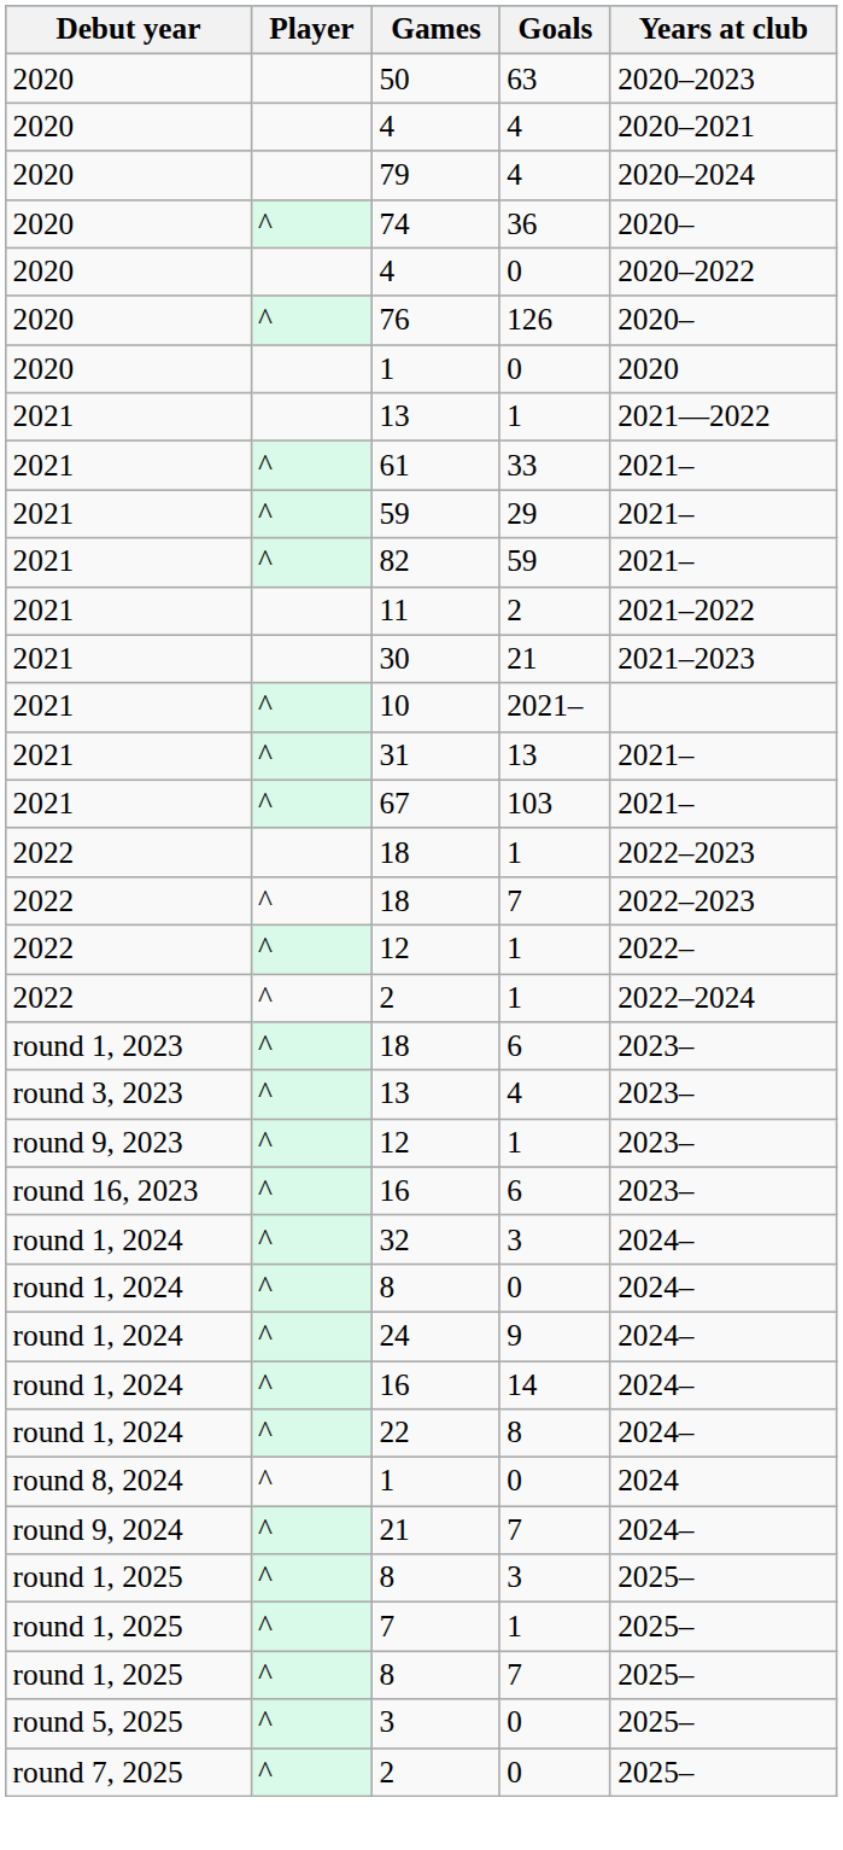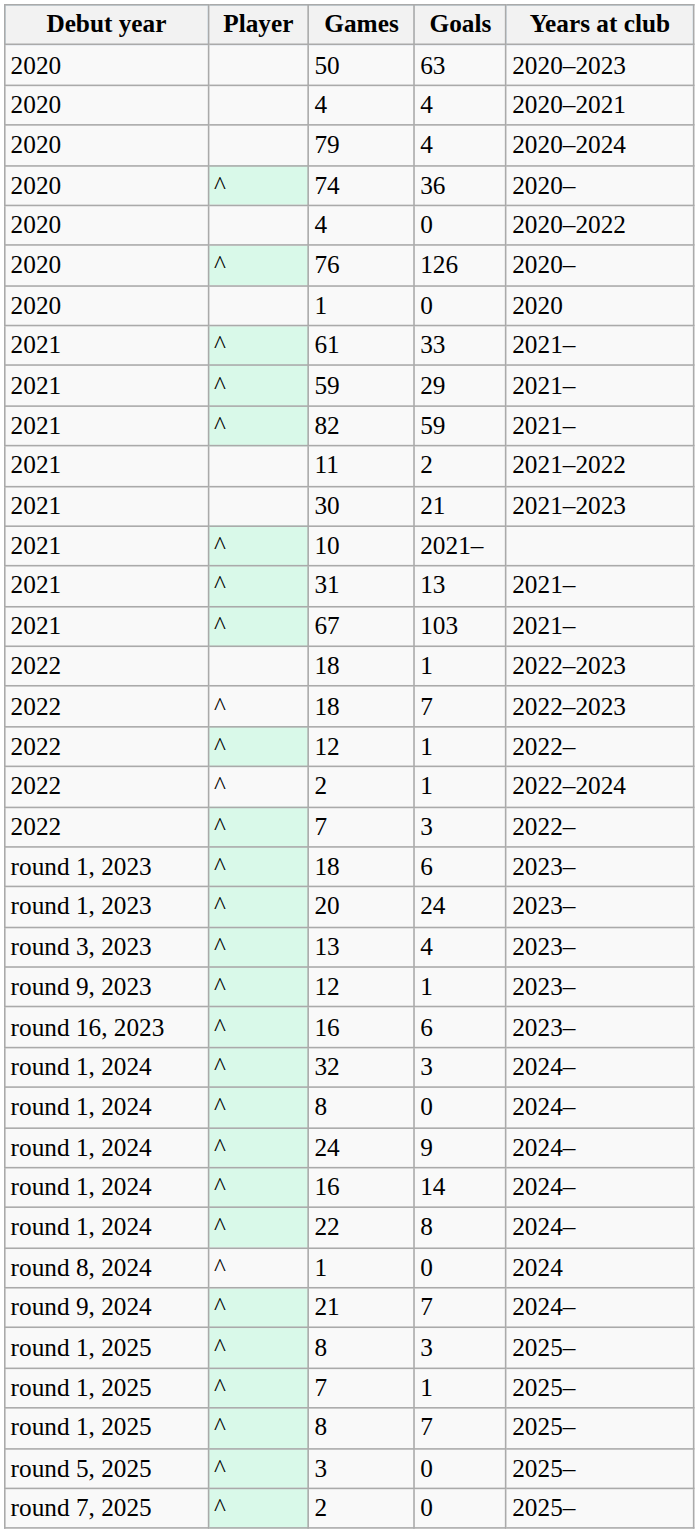 <table class="wikitable sortable" style="width:70%; text-align=center">
 <tr style="background:#87cefa;">
 <th>Debut year</th>
 <th>Player</th>
 <th>Games</th>
 <th>Goals</th>
 <th>Years at club</th>
 </tr>
 <tr>
 <td>2020</td>
 <td></td>
 <td>50</td>
 <td>63</td>
 <td>2020–2023</td>
 </tr>
 <tr>
 <td>2020</td>
 <td></td>
 <td>4</td>
 <td>4</td>
 <td>2020–2021</td>
 </tr>
 <tr>
 <td>2020</td>
 <td></td>
 <td>79</td>
 <td>4</td>
 <td>2020–2024</td>
 </tr>
 <tr>
 <td>2020</td>
 <td style="text-align:left;background:#d9f9e9">^</td>
 <td>74</td>
 <td>36</td>
 <td align=left>2020–</td>
 </tr>
 <tr>
 <td>2020</td>
 <td></td>
 <td>4</td>
 <td>0</td>
 <td>2020–2022</td>
 </tr>
 <tr>
 <td>2020</td>
 <td style="text-align:left;background:#d9f9e9">^</td>
 <td>76</td>
 <td>126</td>
 <td align=left>2020–</td>
 </tr>
 <tr>
 <td>2020</td>
 <td style="text-align:left"></td>
 <td>1</td>
 <td>0</td>
 <td align=left>2020</td>
-</tr>
-<tr>
-<td>2021</td>
-<td style="text-align:left"></td>
-<td>13</td>
-<td>1</td>
-<td align=left>2021—2022</td>
 </tr>
 <tr>
 <td>2021</td>
 <td style="text-align:left;background:#d9f9e9">^</td>
 <td>61</td>
 <td>33</td>
 <td align=left>2021–</td>
 </tr>
 <tr>
 <td>2021</td>
 <td style="text-align:left;background:#d9f9e9">^</td>
 <td>59</td>
 <td>29</td>
 <td align=left>2021–</td>
 </tr>
 <tr>
 <td>2021</td>
 <td style="text-align:left;background:#d9f9e9">^</td>
 <td>82</td>
 <td>59</td>
 <td align=left>2021–</td>
 </tr>
 <tr>
 <td>2021</td>
 <td style="text-align:left"></td>
 <td>11</td>
 <td>2</td>
 <td align=left>2021–2022</td>
 </tr>
 <tr>
 <td>2021</td>
 <td style="text-align:left"></td>
 <td>30</td>
 <td>21</td>
 <td align=left>2021–2023</td>
 </tr>
 <tr>
 <td>2021</td>
 <td style="text-align:left;background:#d9f9e9">^</td>
 <td 34>10</td>
 <td align=left>2021–</td>
 </tr>
 <tr>
 <td>2021</td>
 <td style="text-align:left;background:#d9f9e9">^</td>
 <td>31</td>
 <td>13</td>
 <td align=left>2021–</td>
 </tr>
 <tr>
 <td>2021</td>
 <td style="text-align:left;background:#d9f9e9">^</td>
 <td>67</td>
 <td>103</td>
 <td align=left>2021–</td>
 </tr>
 <tr>
 <td>2022</td>
 <td style="text-align:left"></td>
 <td>18</td>
 <td>1</td>
 <td align=left>2022–2023</td>
 </tr>
 <tr>
 <td>2022</td>
 <td>^</td>
 <td>18</td>
 <td>7</td>
 <td align=left>2022–2023</td>
 </tr>
 <tr>
 <td>2022</td>
 <td style="text-align:left;background:#d9f9e9">^</td>
 <td>12</td>
 <td>1</td>
 <td align=left>2022–</td>
 </tr>
 <tr>
 <td>2022</td>
 <td>^</td>
 <td>2</td>
 <td>1</td>
 <td align=left>2022–2024</td>
 </tr>
 <tr>
+<td>2022</td>
+<td style="text-align:left;background:#d9f9e9">^</td>
+<td>7</td>
+<td>3</td>
+<td align=left>2022–</td>
+</tr>
+<tr>
 <td>round 1, 2023</td>
 <td style="text-align:left;background:#d9f9e9">^</td>
 <td>18</td>
 <td>6</td>
+<td align=left>2023–</td>
+</tr>
+<tr>
+<td>round 1, 2023</td>
+<td style="text-align:left;background:#d9f9e9">^</td>
+<td>20</td>
+<td>24</td>
 <td align=left>2023–</td>
 </tr>
 <tr>
 <td>round 3, 2023</td>
 <td style="text-align:left;background:#d9f9e9">^</td>
 <td>13</td>
 <td>4</td>
 <td align=left>2023–</td>
 </tr>
 <tr>
 <td>round 9, 2023</td>
 <td style="text-align:left;background:#d9f9e9">^</td>
 <td>12</td>
 <td>1</td>
 <td align=left>2023–</td>
 </tr>
 <tr>
 <td>round 16, 2023</td>
 <td style="text-align:left;background:#d9f9e9">^</td>
 <td>16</td>
 <td>6</td>
 <td align=left>2023–</td>
 </tr>
 <tr>
 <td>round 1, 2024</td>
 <td style="text-align:left;background:#d9f9e9">^</td>
 <td>32</td>
 <td>3</td>
 <td align=left>2024–</td>
 </tr>
 <tr>
 <td>round 1, 2024</td>
 <td style="text-align:left;background:#d9f9e9">^</td>
 <td>8</td>
 <td>0</td>
 <td align=left>2024–</td>
 </tr>
 <tr>
 <td>round 1, 2024</td>
 <td style="text-align:left;background:#d9f9e9">^</td>
 <td>24</td>
 <td>9</td>
 <td align=left>2024–</td>
 </tr>
 <tr>
 <td>round 1, 2024</td>
 <td style="text-align:left;background:#d9f9e9">^</td>
 <td>16</td>
 <td>14</td>
 <td align=left>2024–</td>
 </tr>
 <tr>
 <td>round 1, 2024</td>
 <td style="text-align:left;background:#d9f9e9">^</td>
 <td>22</td>
 <td>8</td>
 <td align=left>2024–</td>
 </tr>
 <tr>
 <td>round 8, 2024</td>
 <td>^</td>
 <td>1</td>
 <td>0</td>
 <td align=left>2024</td>
 </tr>
 <tr>
 <td>round 9, 2024</td>
 <td style="text-align:left;background:#d9f9e9">^</td>
 <td>21</td>
 <td>7</td>
 <td align=left>2024–</td>
 </tr>
 <tr>
 <td>round 1, 2025</td>
 <td style="background:#d9f9e9">^</td>
 <td>8</td>
 <td>3</td>
 <td>2025–</td>
 </tr>
 <tr>
 <td>round 1, 2025</td>
 <td style="background:#d9f9e9">^</td>
 <td>7</td>
 <td>1</td>
 <td>2025–</td>
 </tr>
 <tr>
 <td>round 1, 2025</td>
 <td style="background:#d9f9e9">^</td>
 <td>8</td>
 <td>7</td>
 <td>2025–</td>
 </tr>
 <tr>
 <td>round 5, 2025</td>
 <td style="background:#d9f9e9">^</td>
 <td>3</td>
 <td>0</td>
 <td>2025–</td>
 </tr>
 <tr>
 <td>round 7, 2025</td>
 <td style="background:#d9f9e9">^</td>
 <td>2</td>
 <td>0</td>
 <td>2025–</td>
 </tr>
 </table>
